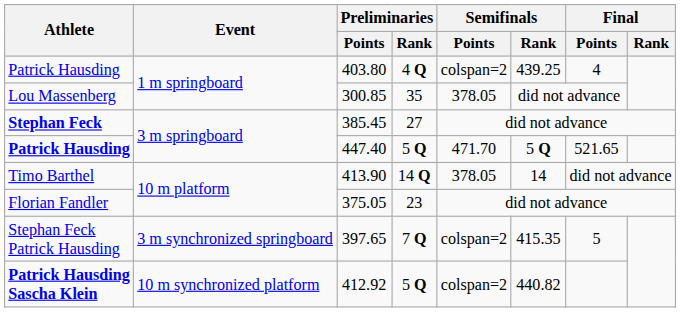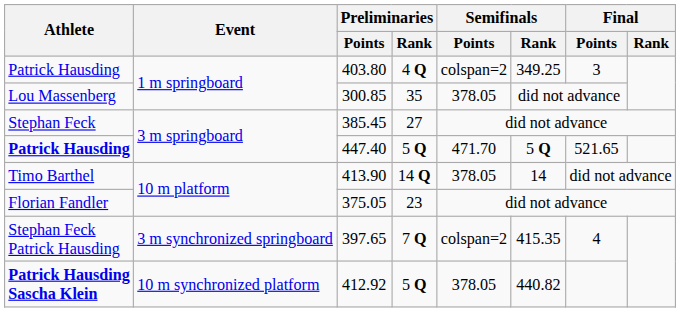 <table class=wikitable style="font-size:90%;">
 <tr>
 <th rowspan="2">Athlete</th>
 <th rowspan="2">Event</th>
 <th colspan="2">Preliminaries</th>
 <th colspan="2">Semifinals</th>
 <th colspan="2">Final</th>
 </tr>
 <tr style="font-size:95%">
 <th>Points</th>
 <th>Rank</th>
 <th>Points</th>
 <th>Rank</th>
 <th>Points</th>
 <th>Rank</th>
 </tr>
 <tr align=center>
 <td align=left><a href='#'>Patrick Hausding</a></td>
 <td align=left rowspan=2><a href='#'>1 m springboard</a></td>
 <td>403.80</td>
 <td>4 <strong>Q</strong></td>
 <td>colspan=2 </td>
-<td>439.25</td>
-<td>4</td>
+<td>349.25</td>
+<td>3</td>
 </tr>
 <tr align=center>
 <td align=left><a href='#'>Lou Massenberg</a></td>
 <td>300.85</td>
 <td>35</td>
 <td>378.05</td>
 <td colspan=2>did not advance</td>
 </tr>
 <tr align=center>
-<td align=left><strong><a href='#'>Stephan Feck</a></strong></td>
+<td align=left><a href='#'>Stephan Feck</a></td>
 <td align=left rowspan=2><a href='#'>3 m springboard</a></td>
 <td>385.45</td>
 <td>27</td>
 <td colspan=4>did not advance</td>
 </tr>
 <tr align=center>
 <td align=left><strong><a href='#'>Patrick Hausding</a></strong></td>
 <td>447.40</td>
 <td>5 <strong>Q</strong></td>
 <td>471.70</td>
 <td>5 <strong>Q</strong></td>
 <td>521.65</td>
 <td></td>
 </tr>
 <tr align=center>
 <td align=left><a href='#'>Timo Barthel</a></td>
 <td align=left rowspan=2><a href='#'>10 m platform</a></td>
 <td>413.90</td>
 <td>14 <strong>Q</strong></td>
 <td>378.05</td>
 <td>14</td>
 <td colspan=2>did not advance</td>
 </tr>
 <tr align=center>
 <td align=left><a href='#'>Florian Fandler</a></td>
 <td>375.05</td>
 <td>23</td>
 <td colspan=4>did not advance</td>
 </tr>
 <tr align=center>
 <td align=left><a href='#'>Stephan Feck</a><br><a href='#'>Patrick Hausding</a></td>
 <td align=left><a href='#'>3 m synchronized springboard</a></td>
 <td>397.65</td>
 <td>7 <strong>Q</strong></td>
 <td>colspan=2 </td>
 <td>415.35</td>
-<td>5</td>
+<td>4</td>
 </tr>
 <tr align=center>
 <td align=left><strong><a href='#'>Patrick Hausding</a><br><a href='#'>Sascha Klein</a></strong></td>
 <td align=left><a href='#'>10 m synchronized platform</a></td>
 <td>412.92</td>
 <td>5 <strong>Q</strong></td>
-<td>colspan=2 </td>
+<td>378.05</td>
 <td>440.82</td>
 <td></td>
 </tr>
 </table>
